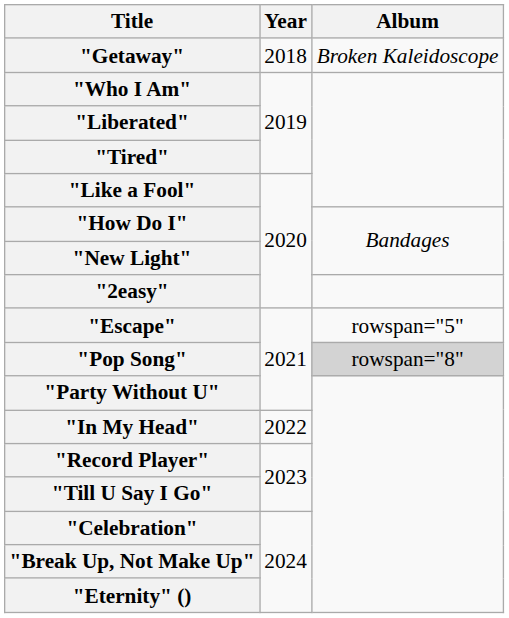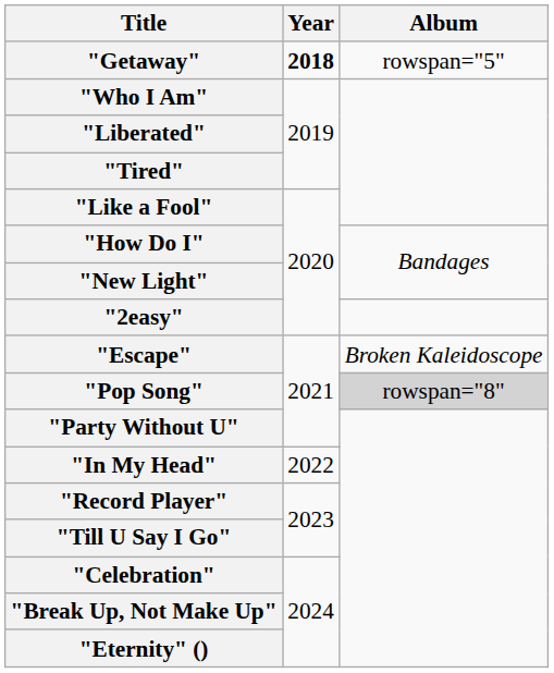 <table class="wikitable plainrowheaders" style="text-align:center;">
 <tr>
 <th scope="col">Title</th>
 <th scope="col">Year</th>
 <th scope="col">Album</th>
 </tr>
 <tr>
 <th scope="row">"Getaway" </th>
-<td>2018</td>
-<td><em>Broken Kaleidoscope</em></td>
+<td><strong>2018</strong></td>
+<td>rowspan="5" </td>
 </tr>
 <tr>
 <th scope="row">"Who I Am"</th>
 <td rowspan="3">2019</td>
 </tr>
 <tr>
 <th scope="row">"Liberated"</th>
 </tr>
 <tr>
 <th scope="row">"Tired"</th>
 </tr>
 <tr>
 <th scope="row">"Like a Fool" </th>
 <td rowspan="4">2020</td>
 </tr>
 <tr>
 <th scope="row">"How Do I"</th>
 <td rowspan="2"><em>Bandages</em></td>
 </tr>
 <tr>
 <th scope="row">"New Light"</th>
 </tr>
 <tr>
 <th scope="row">"2easy" </th>
 <td></td>
 </tr>
 <tr>
 <th scope="row">"Escape"</th>
 <td rowspan="3">2021</td>
-<td>rowspan="5" </td>
+<td><em>Broken Kaleidoscope</em></td>
 </tr>
 <tr>
 <th scope="row">"Pop Song" </th>
 <td style="background: lightgrey;">rowspan="8" </td>
 </tr>
 <tr>
 <th scope="row">"Party Without U"</th>
 </tr>
 <tr>
 <th scope="row">"In My Head"</th>
 <td>2022</td>
 </tr>
 <tr>
 <th scope="row">"Record Player"</th>
 <td rowspan="2">2023</td>
 </tr>
 <tr>
 <th scope="row">"Till U Say I Go"</th>
 </tr>
 <tr>
 <th scope="row">"Celebration"</th>
 <td rowspan="3">2024</td>
 </tr>
 <tr>
 <th scope="row">"Break Up, Not Make Up"</th>
 </tr>
 <tr>
 <th scope="row">"Eternity" ()</th>
 </tr>
 </table>
